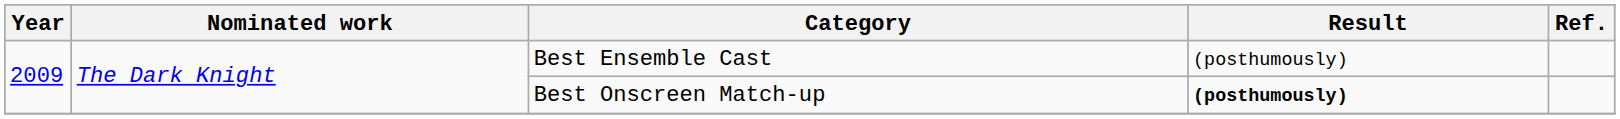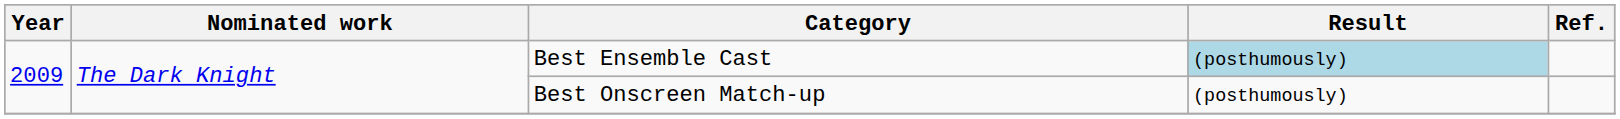 <table class="wikitable sortable" width=75%>
 <tr>
 <th width = 33px>Year</th>
 <th>Nominated work</th>
 <th>Category</th>
 <th>Result</th>
 <th width = 33px>Ref.</th>
 </tr>
 <tr>
 <td rowspan=2><a href='#'>2009</a></td>
 <td rowspan=2><em><a href='#'>The Dark Knight</a></em></td>
 <td>Best Ensemble Cast</td>
-<td>  <small>(posthumously)</small></td>
+<td style="background: lightblue;">  <small>(posthumously)</small></td>
 <td></td>
 </tr>
 <tr>
 <td>Best Onscreen Match-up</td>
-<td><strong>  <small>(posthumously)</small></strong></td>
+<td>  <small>(posthumously)</small></td>
 <td></td>
 </tr>
 <tr>
 </tr>
 </table>
